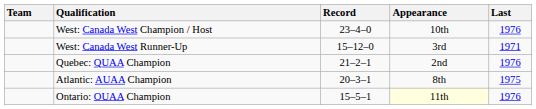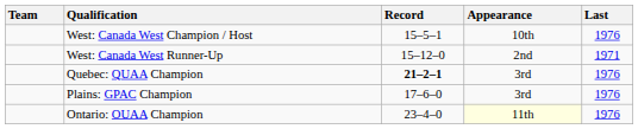 <table class="wikitable sortable" style="text-align: center;" width=800>
 <tr style="background:#efefef; text-align:center">
 <th style="text-align:left">Team</th>
 <th style="text-align:left">Qualification</th>
 <th style="text-align:left">Record</th>
 <th style="text-align:left">Appearance</th>
 <th style="text-align:left">Last</th>
 </tr>
 <tr style="text-align:center">
 <td style="text-align:left; "><a href='#'></a></td>
 <td style="text-align:left">West: <a href='#'>Canada West</a> Champion / Host</td>
-<td style="text-align:center">23–4–0</td>
+<td style="text-align:center">15–5–1</td>
 <td style="text-align:center">10th</td>
 <td style="text-align:center"><a href='#'>1976</a></td>
 </tr>
 <tr style="text-align:center">
 <td style="text-align:left; "><a href='#'></a></td>
 <td style="text-align:left">West: <a href='#'>Canada West</a> Runner-Up</td>
 <td style="text-align:center">15–12–0</td>
-<td style="text-align:center">3rd</td>
+<td style="text-align:center">2nd</td>
 <td style="text-align:center"><a href='#'>1971</a></td>
 </tr>
 <tr style="text-align:center">
 <td style="text-align:left; "><a href='#'></a></td>
 <td style="text-align:left">Quebec: <a href='#'>QUAA</a> Champion</td>
-<td style="text-align:center">21–2–1</td>
-<td style="text-align:center">2nd</td>
+<td style="text-align:center"><strong>21–2–1</strong></td>
+<td style="text-align:center">3rd</td>
 <td style="text-align:center"><a href='#'>1976</a></td>
 </tr>
 <tr style="text-align:center">
 <td style="text-align:left; "><a href='#'></a></td>
-<td style="text-align:left">Atlantic: <a href='#'>AUAA</a> Champion</td>
-<td style="text-align:center">20–3–1</td>
-<td style="text-align:center">8th</td>
-<td style="text-align:center"><a href='#'>1975</a></td>
+<td style="text-align:left">Plains: <a href='#'>GPAC</a> Champion</td>
+<td style="text-align:center">17–6–0</td>
+<td style="text-align:center">3rd</td>
+<td style="text-align:center"><a href='#'>1976</a></td>
 </tr>
 <tr style="text-align:center">
 <td style="text-align:left; "><a href='#'></a></td>
 <td style="text-align:left">Ontario: <a href='#'>OUAA</a> Champion</td>
-<td style="text-align:center">15–5–1</td>
+<td style="text-align:center">23–4–0</td>
 <td style="background: lightyellow; text-align:center">11th</td>
 <td style="text-align:center"><a href='#'>1976</a></td>
 </tr>
 </table>
